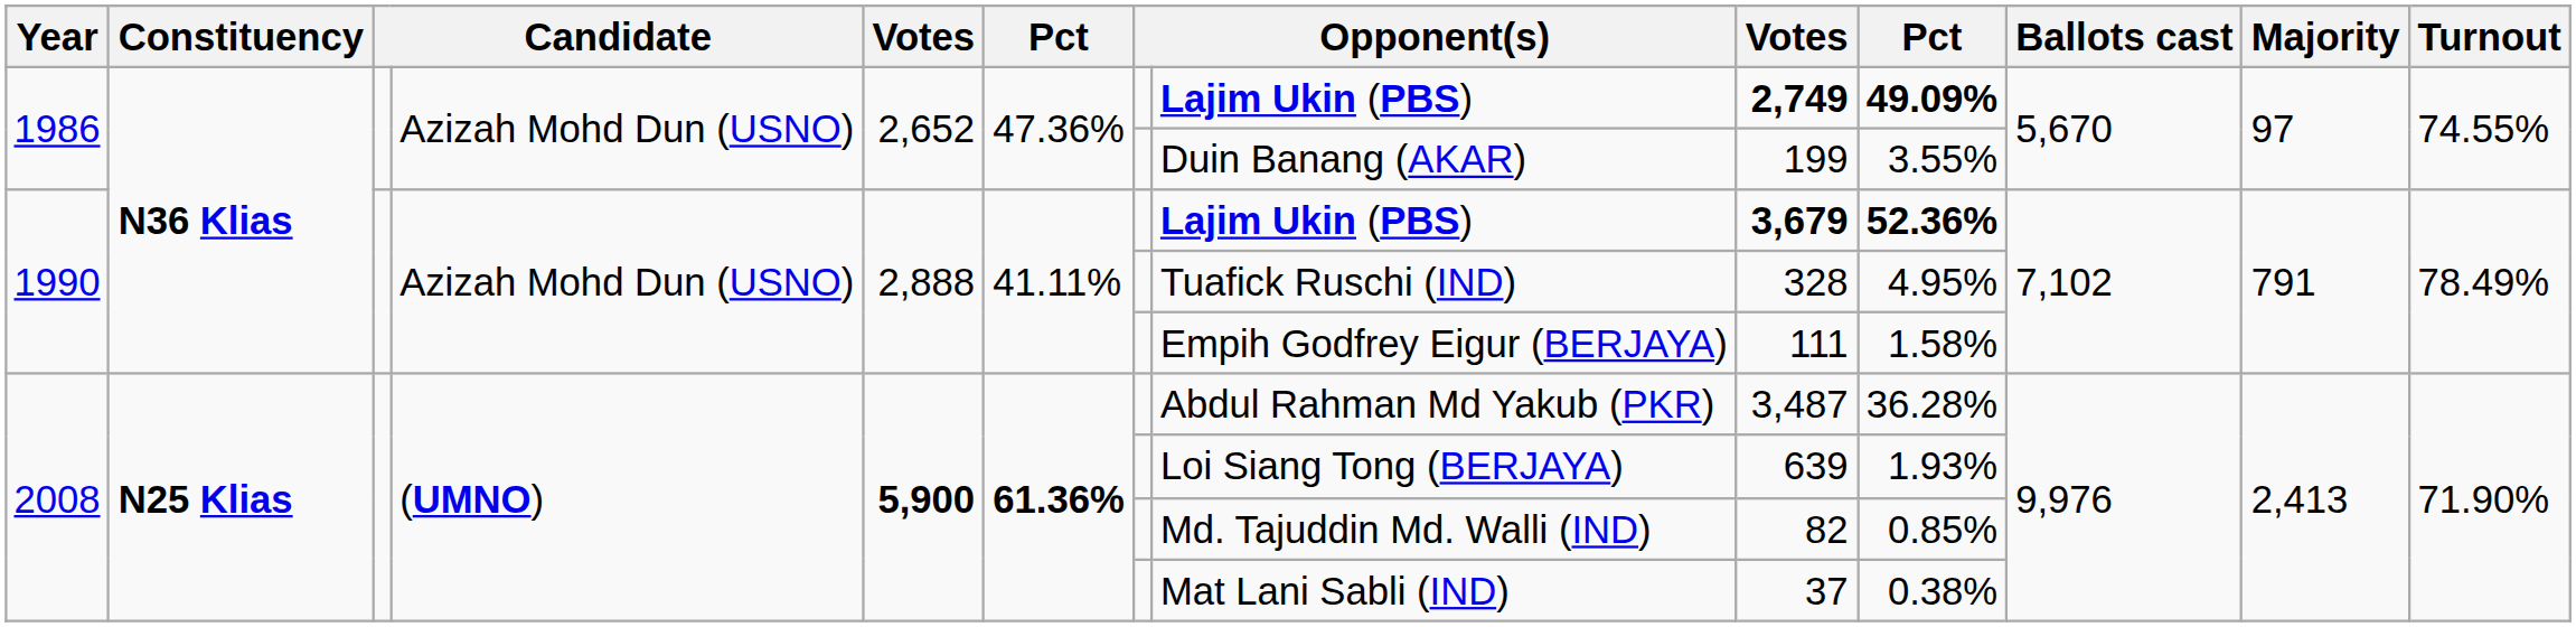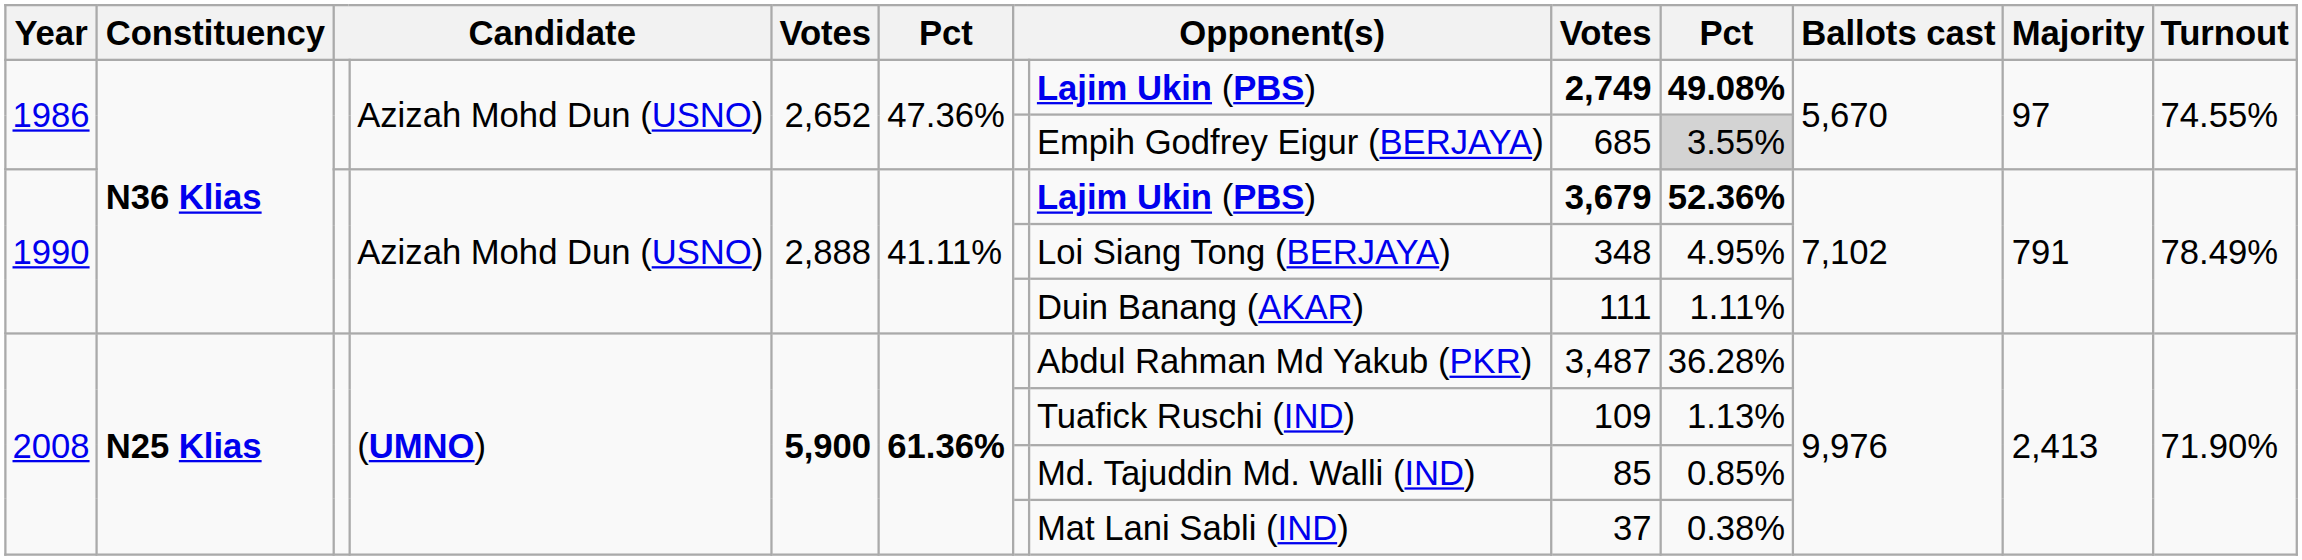 <table class="wikitable" style="margin:0.5em ; font-size:95%">
 <tr>
 <th>Year</th>
 <th>Constituency</th>
 <th colspan=2>Candidate</th>
 <th>Votes</th>
 <th>Pct</th>
 <th colspan=2>Opponent(s)</th>
 <th>Votes</th>
 <th>Pct</th>
 <th>Ballots cast</th>
 <th>Majority</th>
 <th>Turnout</th>
 </tr>
 <tr>
 <td rowspan=2><a href='#'>1986</a></td>
 <td rowspan=5><strong>N36 <a href='#'>Klias</a></strong></td>
 <td rowspan=2></td>
 <td rowspan=2>Azizah Mohd Dun (<a href='#'>USNO</a>)</td>
 <td rowspan=2 align="right">2,652</td>
 <td rowspan=2>47.36%</td>
 <td></td>
 <td><strong><a href='#'>Lajim Ukin</a></strong> (<a href='#'><strong>PBS</strong></a>)</td>
 <td align="right"><strong>2,749</strong></td>
-<td><strong>49.09%</strong></td>
+<td><strong>49.08%</strong></td>
 <td rowspan=2>5,670</td>
 <td rowspan=2>97</td>
 <td rowspan=2>74.55%</td>
 </tr>
 <tr>
 <td></td>
-<td>Duin Banang (<a href='#'>AKAR</a>)</td>
-<td align="right">199</td>
-<td align="right">3.55%</td>
+<td>Empih Godfrey Eigur (<a href='#'>BERJAYA</a>)</td>
+<td align="right">685</td>
+<td align="right" style="background: lightgrey;">3.55%</td>
 </tr>
 <tr>
 <td rowspan=3><a href='#'>1990</a></td>
 <td rowspan=3></td>
 <td rowspan=3>Azizah Mohd Dun (<a href='#'>USNO</a>)</td>
 <td rowspan=3 align="right">2,888</td>
 <td rowspan=3>41.11%</td>
 <td></td>
 <td><strong><a href='#'>Lajim Ukin</a></strong> (<a href='#'><strong>PBS</strong></a>)</td>
 <td align="right"><strong>3,679</strong></td>
 <td><strong>52.36%</strong></td>
 <td rowspan=3>7,102</td>
 <td rowspan=3>791</td>
 <td rowspan=3>78.49%</td>
 </tr>
 <tr>
 <td></td>
-<td>Tuafick Ruschi (<a href='#'>IND</a>)</td>
-<td align="right">328</td>
+<td>Loi Siang Tong (<a href='#'>BERJAYA</a>)</td>
+<td align="right">348</td>
 <td align="right">4.95%</td>
 </tr>
 <tr>
 <td></td>
-<td>Empih Godfrey Eigur (<a href='#'>BERJAYA</a>)</td>
+<td>Duin Banang (<a href='#'>AKAR</a>)</td>
 <td align="right">111</td>
-<td align="right">1.58%</td>
+<td align="right">1.11%</td>
 </tr>
 <tr>
 <td rowspan=4><a href='#'>2008</a></td>
 <td rowspan=4><strong>N25 <a href='#'>Klias</a></strong></td>
 <td rowspan=4 ></td>
 <td rowspan=4> (<a href='#'><strong>UMNO</strong></a>)</td>
 <td rowspan=4 align="right"><strong>5,900</strong></td>
 <td rowspan=4><strong>61.36%</strong></td>
 <td></td>
 <td>Abdul Rahman Md Yakub (<a href='#'>PKR</a>)</td>
 <td align="right">3,487</td>
 <td>36.28%</td>
 <td rowspan=4>9,976</td>
 <td rowspan=4>2,413</td>
 <td rowspan=4>71.90%</td>
 </tr>
 <tr>
 <td></td>
-<td>Loi Siang Tong (<a href='#'>BERJAYA</a>)</td>
-<td align="right">639</td>
-<td align="right">1.93%</td>
+<td>Tuafick Ruschi (<a href='#'>IND</a>)</td>
+<td align="right">109</td>
+<td align="right">1.13%</td>
 </tr>
 <tr>
 <td></td>
 <td>Md. Tajuddin Md. Walli (<a href='#'>IND</a>)</td>
-<td align="right">82</td>
+<td align="right">85</td>
 <td align="right">0.85%</td>
 </tr>
 <tr>
 <td></td>
 <td>Mat Lani Sabli (<a href='#'>IND</a>)</td>
 <td align="right">37</td>
 <td align="right">0.38%</td>
 </tr>
 </table>
